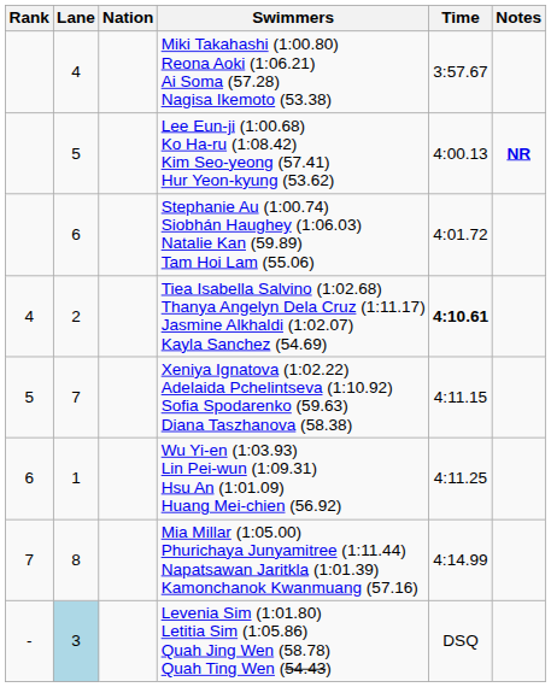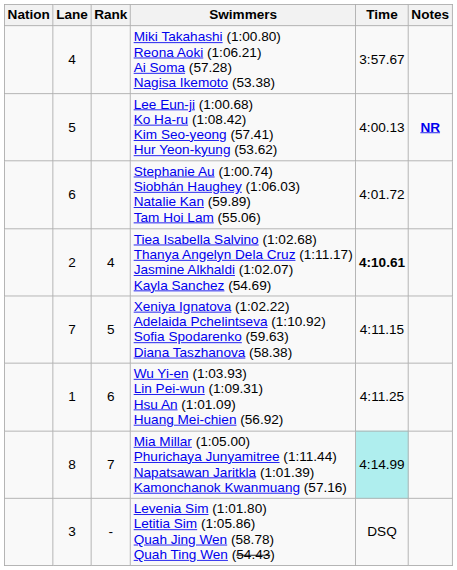 <table class="wikitable sortable" style="text-align:center">
 <tr>
+<th>Nation</th>
+<th>Lane</th>
 <th>Rank</th>
-<th>Lane</th>
-<th>Nation</th>
 <th>Swimmers</th>
 <th>Time</th>
 <th>Notes</th>
 </tr>
 <tr>
+<td align=left></td>
+<td>4</td>
 <td></td>
-<td>4</td>
-<td align=left></td>
 <td align=left><a href='#'>Miki Takahashi</a> (1:00.80)<br><a href='#'>Reona Aoki</a> (1:06.21)<br><a href='#'>Ai Soma</a> (57.28)<br><a href='#'>Nagisa Ikemoto</a> (53.38)</td>
 <td>3:57.67</td>
 <td></td>
 </tr>
 <tr>
+<td align=left></td>
+<td>5</td>
 <td></td>
-<td>5</td>
-<td align=left></td>
 <td align=left><a href='#'>Lee Eun-ji</a> (1:00.68)<br><a href='#'>Ko Ha-ru</a> (1:08.42)<br><a href='#'>Kim Seo-yeong</a> (57.41)<br><a href='#'>Hur Yeon-kyung</a> (53.62)</td>
 <td>4:00.13</td>
 <td><strong><a href='#'>NR</a></strong></td>
 </tr>
 <tr>
+<td align=left></td>
+<td>6</td>
 <td></td>
-<td>6</td>
-<td align=left></td>
 <td align=left><a href='#'>Stephanie Au</a> (1:00.74)<br><a href='#'>Siobhán Haughey</a> (1:06.03)<br><a href='#'>Natalie Kan</a> (59.89)<br><a href='#'>Tam Hoi Lam</a> (55.06)</td>
 <td>4:01.72</td>
 <td></td>
 </tr>
 <tr>
+<td align=left></td>
+<td>2</td>
 <td>4</td>
-<td>2</td>
-<td align=left></td>
 <td align=left><a href='#'>Tiea Isabella Salvino</a> (1:02.68)<br><a href='#'>Thanya Angelyn Dela Cruz</a> (1:11.17)<br><a href='#'>Jasmine Alkhaldi</a> (1:02.07)<br><a href='#'>Kayla Sanchez</a> (54.69)</td>
 <td><strong>4:10.61</strong></td>
 <td></td>
 </tr>
 <tr>
+<td align=left></td>
+<td>7</td>
 <td>5</td>
-<td>7</td>
-<td align=left></td>
 <td align=left><a href='#'>Xeniya Ignatova</a> (1:02.22)<br><a href='#'>Adelaida Pchelintseva</a> (1:10.92)<br><a href='#'>Sofia Spodarenko</a> (59.63)<br><a href='#'>Diana Taszhanova</a> (58.38)</td>
 <td>4:11.15</td>
 <td></td>
 </tr>
 <tr>
+<td align=left></td>
+<td>1</td>
 <td>6</td>
-<td>1</td>
-<td align=left></td>
 <td align=left><a href='#'>Wu Yi-en</a> (1:03.93)<br><a href='#'>Lin Pei-wun</a> (1:09.31)<br><a href='#'>Hsu An</a> (1:01.09)<br><a href='#'>Huang Mei-chien</a> (56.92)</td>
 <td>4:11.25</td>
 <td></td>
 </tr>
 <tr>
+<td align=left></td>
+<td>8</td>
 <td>7</td>
-<td>8</td>
-<td align=left></td>
 <td align=left><a href='#'>Mia Millar</a> (1:05.00)<br><a href='#'>Phurichaya Junyamitree</a> (1:11.44)<br><a href='#'>Napatsawan Jaritkla</a> (1:01.39)<br><a href='#'>Kamonchanok Kwanmuang</a> (57.16)</td>
-<td>4:14.99</td>
+<td style="background: paleturquoise;">4:14.99</td>
 <td></td>
 </tr>
 <tr>
+<td align=left></td>
+<td>3</td>
 <td>-</td>
-<td style="background: lightblue;">3</td>
-<td align=left></td>
 <td align=left><a href='#'>Levenia Sim</a> (1:01.80)<br><a href='#'>Letitia Sim</a> (1:05.86)<br><a href='#'>Quah Jing Wen</a> (58.78)<br><a href='#'>Quah Ting Wen</a> (<s>54.43</s>)</td>
 <td>DSQ</td>
 <td></td>
 </tr>
 </table>
